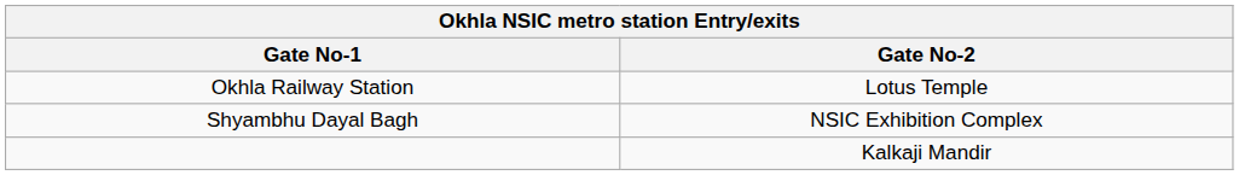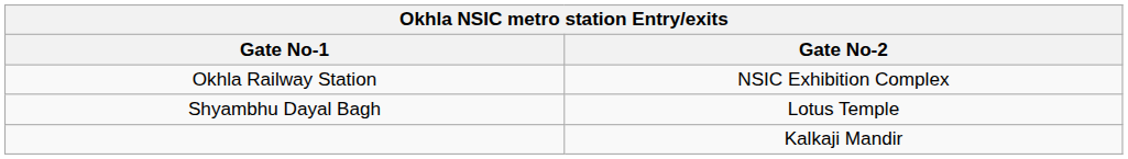 <table class="wikitable" style="text-align: center;" width="60%">
 <tr>
 <th align="center" colspan="5" style="background:#"><span>Okhla NSIC metro station Entry/exits</span></th>
 </tr>
 <tr>
 <th style="width:30%;">Gate No-1</th>
 <th style="width:30%;">Gate No-2 </th>
 </tr>
 <tr>
 <td>Okhla Railway Station</td>
-<td>Lotus Temple</td>
+<td>NSIC Exhibition Complex</td>
 </tr>
 <tr>
 <td>Shyambhu Dayal Bagh</td>
-<td>NSIC Exhibition Complex</td>
+<td>Lotus Temple</td>
 </tr>
 <tr>
 <td></td>
 <td>Kalkaji Mandir</td>
 </tr>
 </table>
